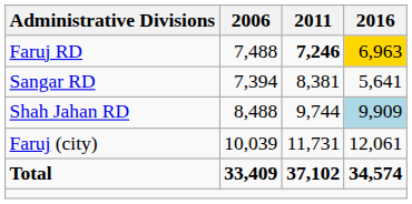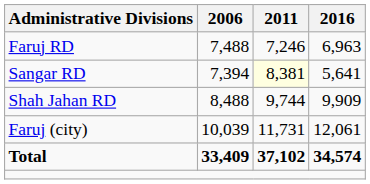 <table class="wikitable">
 <tr>
 <th>Administrative Divisions</th>
 <th>2006</th>
 <th>2011</th>
 <th>2016</th>
 </tr>
 <tr>
 <td><a href='#'>Faruj RD</a></td>
 <td style="text-align: right;">7,488</td>
-<td style="text-align: right;"><strong>7,246</strong></td>
-<td style="background: gold; text-align: right;">6,963</td>
+<td style="text-align: right;">7,246</td>
+<td style="text-align: right;">6,963</td>
 </tr>
 <tr>
 <td><a href='#'>Sangar RD</a></td>
 <td style="text-align: right;">7,394</td>
-<td style="text-align: right;">8,381</td>
+<td style="background: lightyellow; text-align: right;">8,381</td>
 <td style="text-align: right;">5,641</td>
 </tr>
 <tr>
 <td><a href='#'>Shah Jahan RD</a></td>
 <td style="text-align: right;">8,488</td>
 <td style="text-align: right;">9,744</td>
-<td style="background: lightblue; text-align: right;">9,909</td>
+<td style="text-align: right;">9,909</td>
 </tr>
 <tr>
 <td><a href='#'>Faruj</a> (city)</td>
 <td style="text-align: right;">10,039</td>
 <td style="text-align: right;">11,731</td>
 <td style="text-align: right;">12,061</td>
 </tr>
 <tr>
 <td><strong>Total</strong></td>
 <td style="text-align: right;"><strong>33,409</strong></td>
 <td style="text-align: right;"><strong>37,102</strong></td>
 <td style="text-align: right;"><strong>34,574</strong></td>
 </tr>
 <tr>
 <td colspan=4></td>
 </tr>
 </table>
